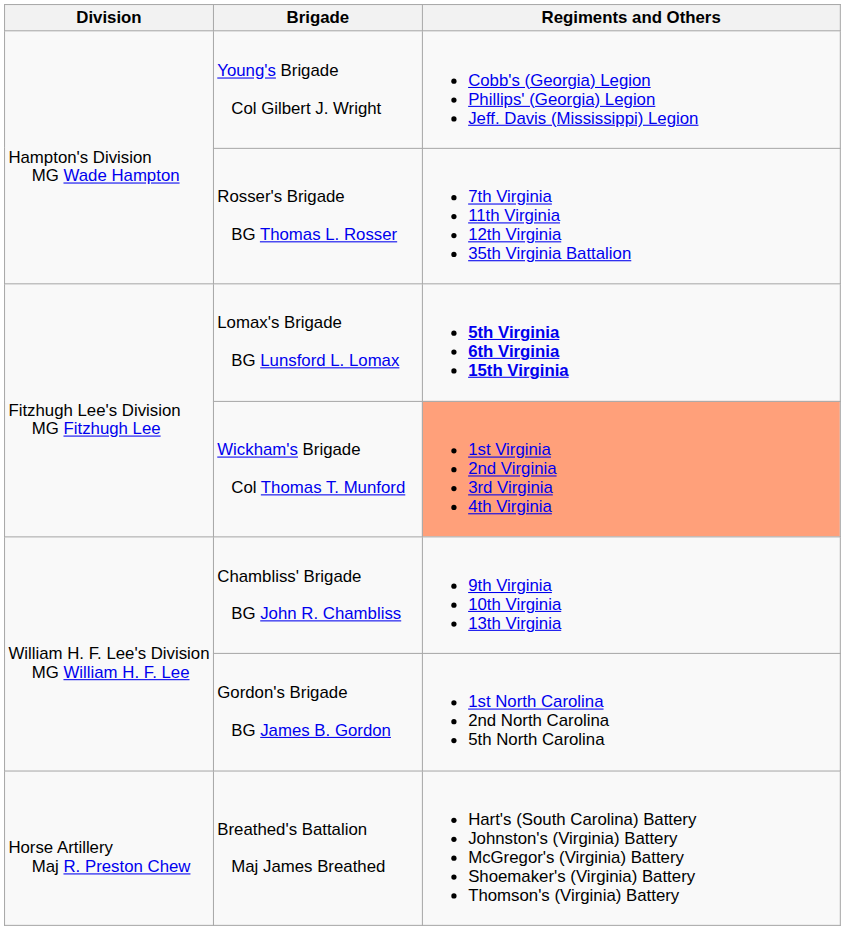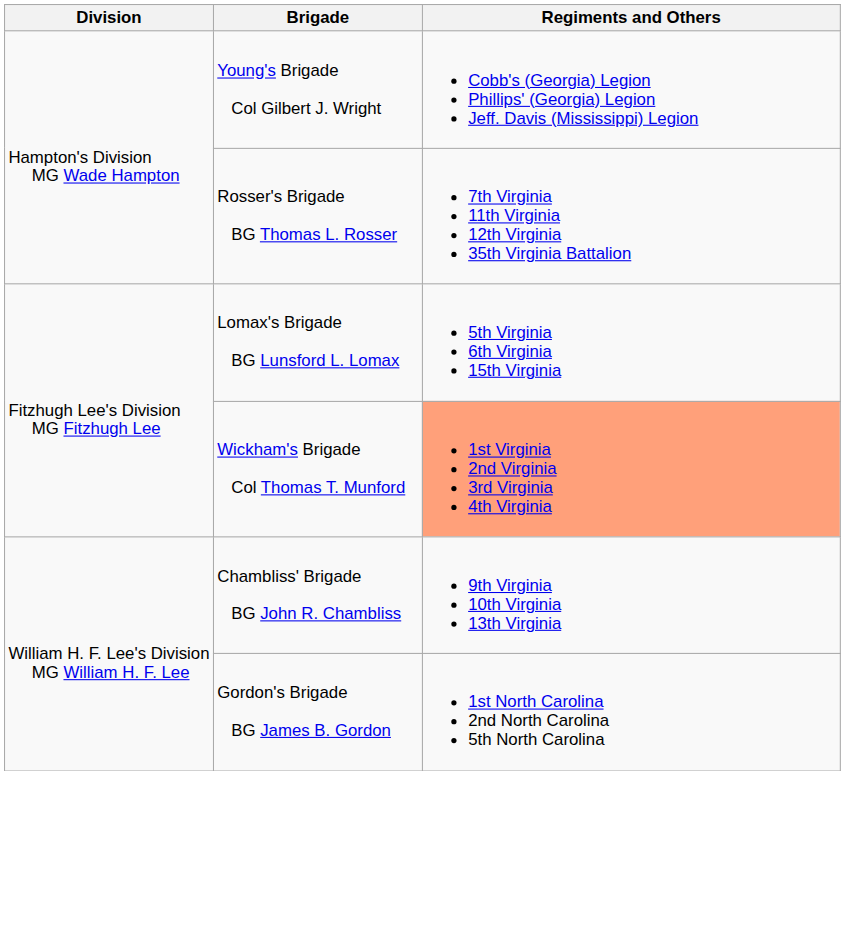 <table class="wikitable">
 <tr>
 <th width=25%>Division</th>
 <th width=25%>Brigade</th>
 <th>Regiments and Others</th>
 </tr>
 <tr>
 <td rowspan=2><br>Hampton's Division <br>     MG <a href='#'>Wade Hampton</a></td>
 <td><a href='#'>Young's</a> Brigade<br><br>   Col Gilbert J. Wright</td>
 <td><br><ul><li><a href='#'>Cobb's (Georgia) Legion</a></li><li><a href='#'>Phillips' (Georgia) Legion</a></li><li><a href='#'>Jeff. Davis (Mississippi) Legion</a></li></ul></td>
 </tr>
 <tr>
 <td>Rosser's Brigade<br><br>   BG <a href='#'>Thomas L. Rosser</a></td>
 <td><br><ul><li><a href='#'>7th Virginia</a></li><li><a href='#'>11th Virginia</a></li><li><a href='#'>12th Virginia</a></li><li><a href='#'>35th Virginia Battalion</a></li></ul></td>
 </tr>
 <tr>
 <td rowspan=2><br>Fitzhugh Lee's Division <br>     MG <a href='#'>Fitzhugh Lee</a></td>
 <td>Lomax's Brigade<br><br>   BG <a href='#'>Lunsford L. Lomax</a></td>
-<td><strong><br><ul><li><a href='#'>5th Virginia</a></li><li><a href='#'>6th Virginia</a></li><li><a href='#'>15th Virginia</a></li></ul></strong></td>
+<td><br><ul><li><a href='#'>5th Virginia</a></li><li><a href='#'>6th Virginia</a></li><li><a href='#'>15th Virginia</a></li></ul></td>
 </tr>
 <tr>
 <td><a href='#'>Wickham's</a> Brigade<br><br>   Col <a href='#'>Thomas T. Munford</a></td>
 <td style="background: lightsalmon;"><br><ul><li><a href='#'>1st Virginia</a></li><li><a href='#'>2nd Virginia</a></li><li><a href='#'>3rd Virginia</a></li><li><a href='#'>4th Virginia</a></li></ul></td>
 </tr>
 <tr>
 <td rowspan=2><br>William H. F. Lee's Division <br>     MG <a href='#'>William H. F. Lee</a></td>
 <td>Chambliss' Brigade<br><br>   BG <a href='#'>John R. Chambliss</a></td>
 <td><br><ul><li><a href='#'>9th Virginia</a></li><li><a href='#'>10th Virginia</a></li><li><a href='#'>13th Virginia</a></li></ul></td>
 </tr>
 <tr>
 <td>Gordon's Brigade<br><br>   BG <a href='#'>James B. Gordon</a></td>
 <td><br><ul><li><a href='#'>1st North Carolina</a></li><li>2nd North Carolina</li><li>5th North Carolina</li></ul></td>
 </tr>
-<tr>
-<td rowspan=1><br>Horse Artillery <br>     Maj <a href='#'>R. Preston Chew</a></td>
-<td>Breathed's Battalion<br><br>   Maj James Breathed</td>
-<td><br><ul><li>Hart's (South Carolina) Battery</li><li>Johnston's (Virginia) Battery</li><li>McGregor's (Virginia) Battery</li><li>Shoemaker's (Virginia) Battery</li><li>Thomson's (Virginia) Battery</li></ul></td>
-</tr>
 </table>
